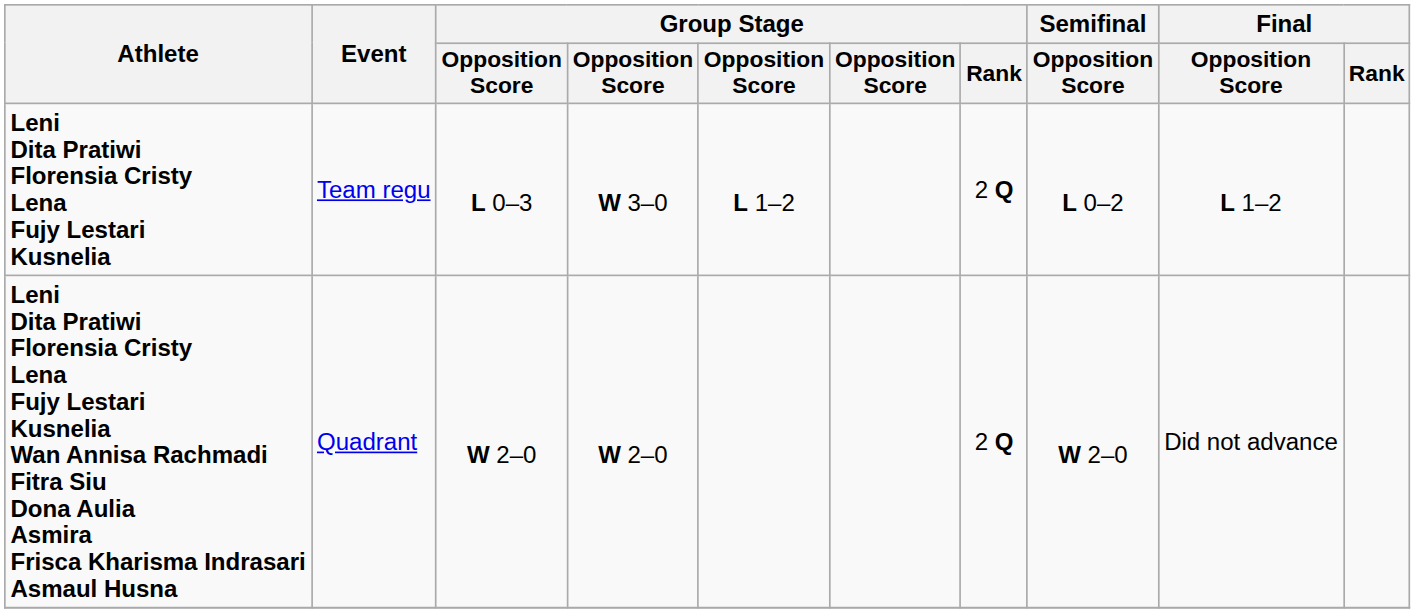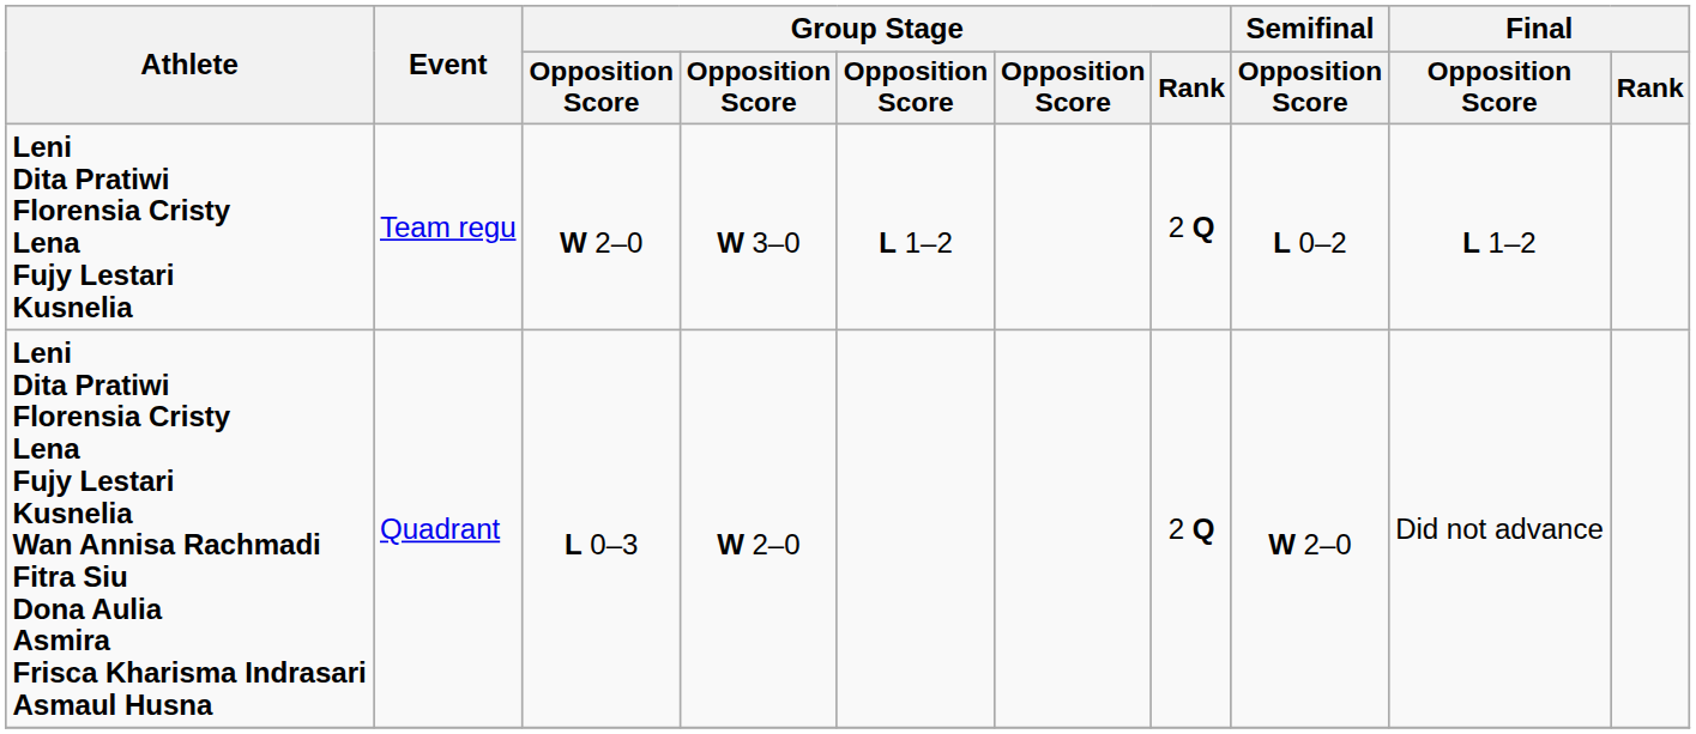 <table class=wikitable style=font-size:90%;text-align:center>
 <tr>
 <th rowspan="2">Athlete</th>
 <th rowspan="2">Event</th>
 <th colspan=5>Group Stage</th>
 <th>Semifinal</th>
 <th colspan=2>Final</th>
 </tr>
 <tr style="font-size:95%">
 <th>Opposition<br>Score</th>
 <th>Opposition<br>Score</th>
 <th>Opposition<br>Score</th>
 <th>Opposition<br>Score</th>
 <th>Rank</th>
 <th>Opposition<br>Score</th>
 <th>Opposition<br>Score</th>
 <th>Rank</th>
 </tr>
 <tr>
 <td align=left><strong>Leni<br>Dita Pratiwi<br>Florensia Cristy<br>Lena<br>Fujy Lestari<br>Kusnelia</strong></td>
 <td align=left><a href='#'>Team regu</a></td>
-<td><br><strong>L</strong> 0–3</td>
+<td><br><strong>W</strong> 2–0</td>
 <td><br><strong>W</strong> 3–0</td>
 <td><br><strong>L</strong> 1–2</td>
 <td></td>
 <td>2 <strong>Q</strong></td>
 <td><br><strong>L</strong> 0–2</td>
 <td><br><strong>L</strong> 1–2</td>
 <td></td>
 </tr>
 <tr>
 <td align=left><strong>Leni<br>Dita Pratiwi<br>Florensia Cristy<br>Lena<br>Fujy Lestari<br>Kusnelia<br>Wan Annisa Rachmadi<br>Fitra Siu<br>Dona Aulia<br>Asmira<br>Frisca Kharisma Indrasari<br>Asmaul Husna</strong></td>
 <td align=left><a href='#'>Quadrant</a></td>
-<td><br><strong>W</strong> 2–0</td>
+<td><br><strong>L</strong> 0–3</td>
 <td><br><strong>W</strong> 2–0</td>
 <td></td>
 <td></td>
 <td>2 <strong>Q</strong></td>
 <td><br><strong>W</strong> 2–0</td>
 <td>Did not advance</td>
 <td></td>
 </tr>
 <tr>
 </tr>
 </table>
